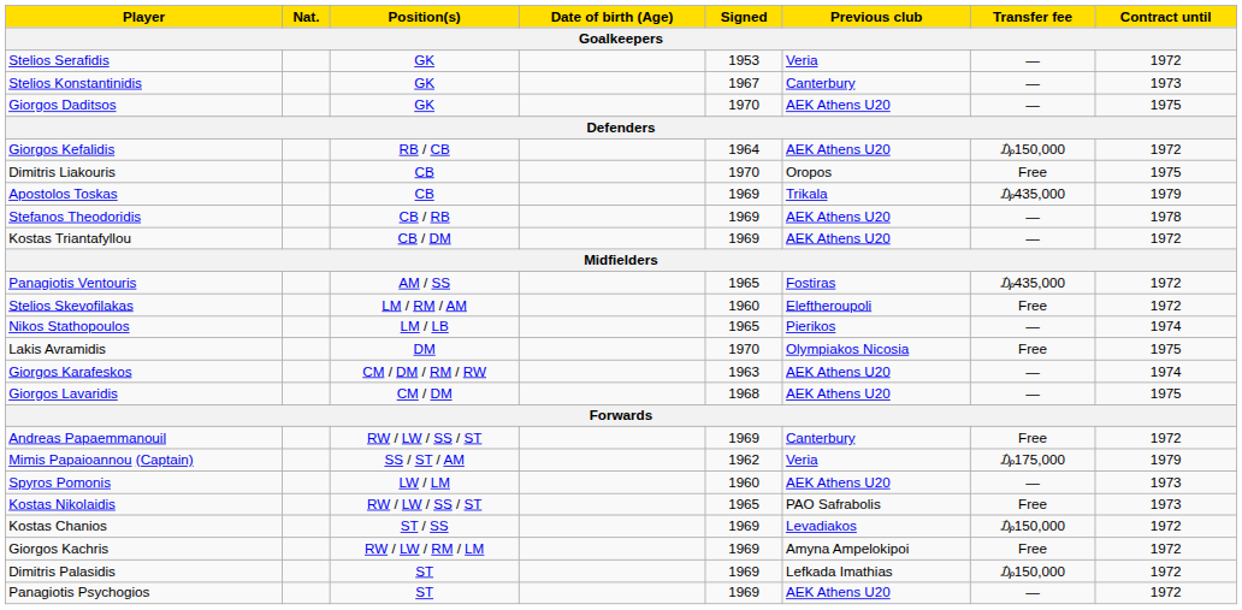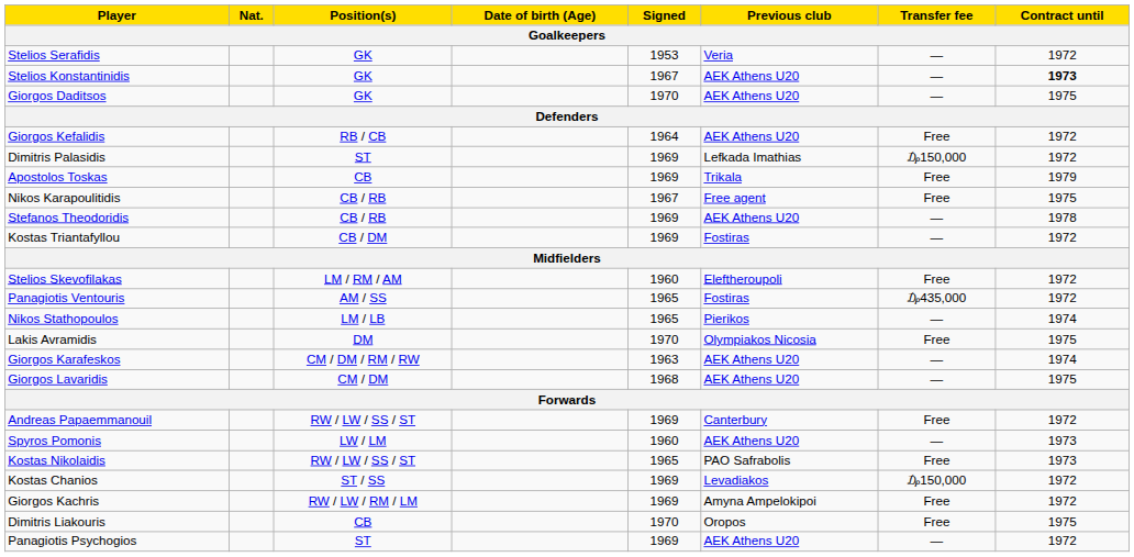 <table class="wikitable" style="text-align:center; font-size:90%;width:100%;">
 <tr>
 <th style="background:#FFDE00">Player</th>
 <th style="background:#FFDE00">Nat.</th>
 <th style="background:#FFDE00">Position(s)</th>
 <th style="background:#FFDE00">Date of birth (Age)</th>
 <th style="background:#FFDE00">Signed</th>
 <th style="background:#FFDE00">Previous club</th>
 <th style="background:#FFDE00">Transfer fee</th>
 <th style="background:#FFDE00">Contract until</th>
 </tr>
 <tr>
 <th colspan="8">Goalkeepers</th>
 </tr>
 <tr>
 <td align=left><a href='#'>Stelios Serafidis</a></td>
 <td></td>
 <td><a href='#'>GK</a></td>
 <td></td>
 <td>1953</td>
 <td align=left> <a href='#'>Veria</a></td>
 <td>—</td>
 <td>1972</td>
 </tr>
 <tr>
 <td align=left><a href='#'>Stelios Konstantinidis</a></td>
 <td></td>
 <td><a href='#'>GK</a></td>
 <td></td>
 <td>1967</td>
-<td align=left> <a href='#'>Canterbury</a></td>
+<td align=left> <a href='#'>AEK Athens U20</a></td>
 <td>—</td>
-<td>1973</td>
+<td><strong>1973</strong></td>
 </tr>
 <tr>
 <td align=left><a href='#'>Giorgos Daditsos</a></td>
 <td></td>
 <td><a href='#'>GK</a></td>
 <td></td>
 <td>1970</td>
 <td align=left> <a href='#'>AEK Athens U20</a></td>
 <td>—</td>
 <td>1975</td>
 </tr>
 <tr>
 <th colspan="8">Defenders</th>
 </tr>
 <tr>
 <td align=left><a href='#'>Giorgos Kefalidis</a></td>
 <td></td>
 <td><a href='#'>RB</a> / <a href='#'>CB</a></td>
 <td></td>
 <td>1964</td>
 <td align=left> <a href='#'>AEK Athens U20</a></td>
-<td>₯150,000</td>
+<td>Free</td>
 <td>1972</td>
 </tr>
 <tr>
-<td align=left>Dimitris Liakouris</td>
+<td align=left>Dimitris Palasidis</td>
 <td></td>
-<td><a href='#'>CB</a></td>
+<td><a href='#'>ST</a></td>
 <td></td>
-<td>1970</td>
-<td align=left> Oropos</td>
-<td>Free</td>
-<td>1975</td>
+<td>1969</td>
+<td align=left> Lefkada Imathias</td>
+<td>₯150,000</td>
+<td>1972</td>
 </tr>
 <tr>
 <td align=left><a href='#'>Apostolos Toskas</a></td>
 <td></td>
 <td><a href='#'>CB</a></td>
 <td></td>
 <td>1969</td>
 <td align=left> <a href='#'>Trikala</a></td>
-<td>₯435,000</td>
+<td>Free</td>
 <td>1979</td>
+</tr>
+<tr>
+<td align=left>Nikos Karapoulitidis</td>
+<td></td>
+<td><a href='#'>CB</a> / <a href='#'>RB</a></td>
+<td></td>
+<td>1967</td>
+<td align=left><a href='#'>Free agent</a></td>
+<td>Free</td>
+<td>1975</td>
 </tr>
 <tr>
 <td align=left><a href='#'>Stefanos Theodoridis</a></td>
 <td></td>
 <td><a href='#'>CB</a> / <a href='#'>RB</a></td>
 <td></td>
 <td>1969</td>
 <td align=left> <a href='#'>AEK Athens U20</a></td>
 <td>—</td>
 <td>1978</td>
 </tr>
 <tr>
 <td align=left>Kostas Triantafyllou</td>
 <td></td>
 <td><a href='#'>CB</a> / <a href='#'>DM</a></td>
 <td></td>
 <td>1969</td>
-<td align=left> <a href='#'>AEK Athens U20</a></td>
+<td align=left> <a href='#'>Fostiras</a></td>
 <td>—</td>
 <td>1972</td>
 </tr>
 <tr>
 <th colspan="8">Midfielders</th>
+</tr>
+<tr>
+<td align=left><a href='#'>Stelios Skevofilakas</a></td>
+<td></td>
+<td><a href='#'>LM</a> / <a href='#'>RM</a> / <a href='#'>AM</a></td>
+<td></td>
+<td>1960</td>
+<td align=left> <a href='#'>Eleftheroupoli</a></td>
+<td>Free</td>
+<td>1972</td>
 </tr>
 <tr>
 <td align=left><a href='#'>Panagiotis Ventouris</a></td>
 <td></td>
 <td><a href='#'>AM</a> / <a href='#'>SS</a></td>
 <td></td>
 <td>1965</td>
 <td align=left> <a href='#'>Fostiras</a></td>
 <td>₯435,000</td>
-<td>1972</td>
-</tr>
-<tr>
-<td align=left><a href='#'>Stelios Skevofilakas</a></td>
-<td></td>
-<td><a href='#'>LM</a> / <a href='#'>RM</a> / <a href='#'>AM</a></td>
-<td></td>
-<td>1960</td>
-<td align=left> <a href='#'>Eleftheroupoli</a></td>
-<td>Free</td>
 <td>1972</td>
 </tr>
 <tr>
 <td align=left><a href='#'>Nikos Stathopoulos</a></td>
 <td></td>
 <td><a href='#'>LM</a> / <a href='#'>LB</a></td>
 <td></td>
 <td>1965</td>
 <td align=left> <a href='#'>Pierikos</a></td>
 <td>—</td>
 <td>1974</td>
 </tr>
 <tr>
 <td align=left>Lakis Avramidis</td>
 <td></td>
 <td><a href='#'>DM</a></td>
 <td></td>
 <td>1970</td>
 <td align=left> <a href='#'>Olympiakos Nicosia</a></td>
 <td>Free</td>
 <td>1975</td>
 </tr>
 <tr>
 <td align=left><a href='#'>Giorgos Karafeskos</a></td>
 <td></td>
 <td><a href='#'>CM</a> / <a href='#'>DM</a> / <a href='#'>RM</a> / <a href='#'>RW</a></td>
 <td></td>
 <td>1963</td>
 <td align=left> <a href='#'>AEK Athens U20</a></td>
 <td>—</td>
 <td>1974</td>
 </tr>
 <tr>
 <td align=left><a href='#'>Giorgos Lavaridis</a></td>
 <td></td>
 <td><a href='#'>CM</a> / <a href='#'>DM</a></td>
 <td></td>
 <td>1968</td>
 <td align=left> <a href='#'>AEK Athens U20</a></td>
 <td>—</td>
 <td>1975</td>
 </tr>
 <tr>
 <th colspan="8">Forwards</th>
 </tr>
 <tr>
 <td align=left><a href='#'>Andreas Papaemmanouil</a></td>
 <td></td>
 <td><a href='#'>RW</a> / <a href='#'>LW</a> / <a href='#'>SS</a> / <a href='#'>ST</a></td>
 <td></td>
 <td>1969</td>
 <td align=left> <a href='#'>Canterbury</a></td>
 <td>Free</td>
 <td>1972</td>
 </tr>
 <tr>
-<td align=left><a href='#'>Mimis Papaioannou</a> <a href='#'>(Captain)</a></td>
-<td></td>
-<td><a href='#'>SS</a> / <a href='#'>ST</a> / <a href='#'>AM</a></td>
-<td></td>
-<td>1962</td>
-<td align=left> <a href='#'>Veria</a></td>
-<td>₯175,000</td>
-<td>1979</td>
-</tr>
-<tr>
 <td align=left><a href='#'>Spyros Pomonis</a></td>
 <td></td>
 <td><a href='#'>LW</a> / <a href='#'>LM</a></td>
 <td></td>
 <td>1960</td>
 <td align=left> <a href='#'>AEK Athens U20</a></td>
 <td>—</td>
 <td>1973</td>
 </tr>
 <tr>
 <td align=left><a href='#'>Kostas Nikolaidis</a></td>
 <td></td>
 <td><a href='#'>RW</a> / <a href='#'>LW</a> / <a href='#'>SS</a> / <a href='#'>ST</a></td>
 <td></td>
 <td>1965</td>
 <td align=left> PAO Safrabolis</td>
 <td>Free</td>
 <td>1973</td>
 </tr>
 <tr>
 <td align=left>Kostas Chanios</td>
 <td></td>
 <td><a href='#'>ST</a> / <a href='#'>SS</a></td>
 <td></td>
 <td>1969</td>
 <td align=left> <a href='#'>Levadiakos</a></td>
 <td>₯150,000</td>
 <td>1972</td>
 </tr>
 <tr>
 <td align=left>Giorgos Kachris</td>
 <td></td>
 <td><a href='#'>RW</a> / <a href='#'>LW</a> / <a href='#'>RM</a> / <a href='#'>LM</a></td>
 <td></td>
 <td>1969</td>
 <td align=left> Amyna Ampelokipoi</td>
 <td>Free</td>
 <td>1972</td>
 </tr>
 <tr>
-<td align=left>Dimitris Palasidis</td>
+<td align=left>Dimitris Liakouris</td>
 <td></td>
-<td><a href='#'>ST</a></td>
+<td><a href='#'>CB</a></td>
 <td></td>
-<td>1969</td>
-<td align=left> Lefkada Imathias</td>
-<td>₯150,000</td>
-<td>1972</td>
+<td>1970</td>
+<td align=left> Oropos</td>
+<td>Free</td>
+<td>1975</td>
 </tr>
 <tr>
 <td align=left>Panagiotis Psychogios</td>
 <td></td>
 <td><a href='#'>ST</a></td>
 <td></td>
 <td>1969</td>
 <td align=left> <a href='#'>AEK Athens U20</a></td>
 <td>—</td>
 <td>1972</td>
 </tr>
 </table>
